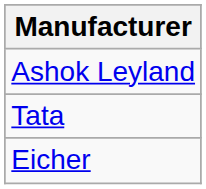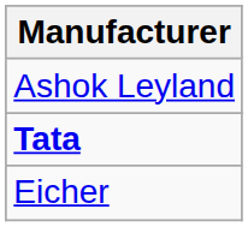 <table class="wikitable sortable">
 <tr>
 <th>Manufacturer</th>
 </tr>
 <tr>
 <td><a href='#'>Ashok Leyland</a></td>
 </tr>
 <tr>
-<td><a href='#'>Tata</a></td>
+<td><strong><a href='#'>Tata</a></strong></td>
 </tr>
 <tr>
 <td><a href='#'>Eicher</a></td>
 </tr>
 </table>
